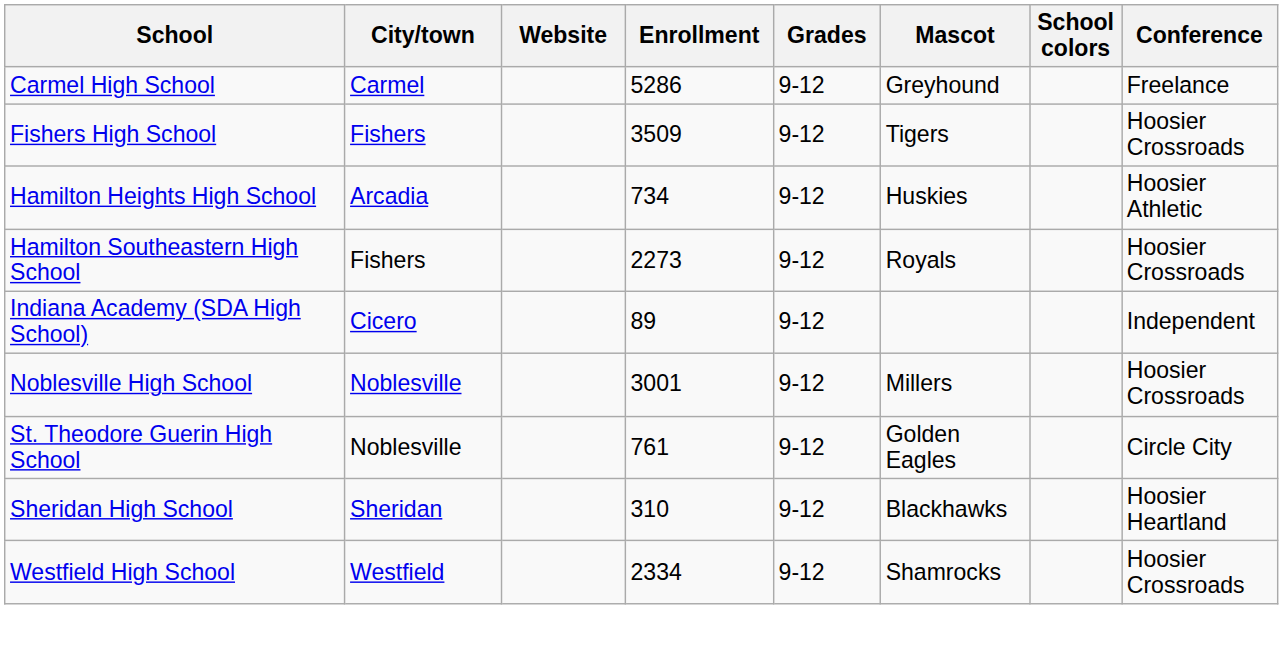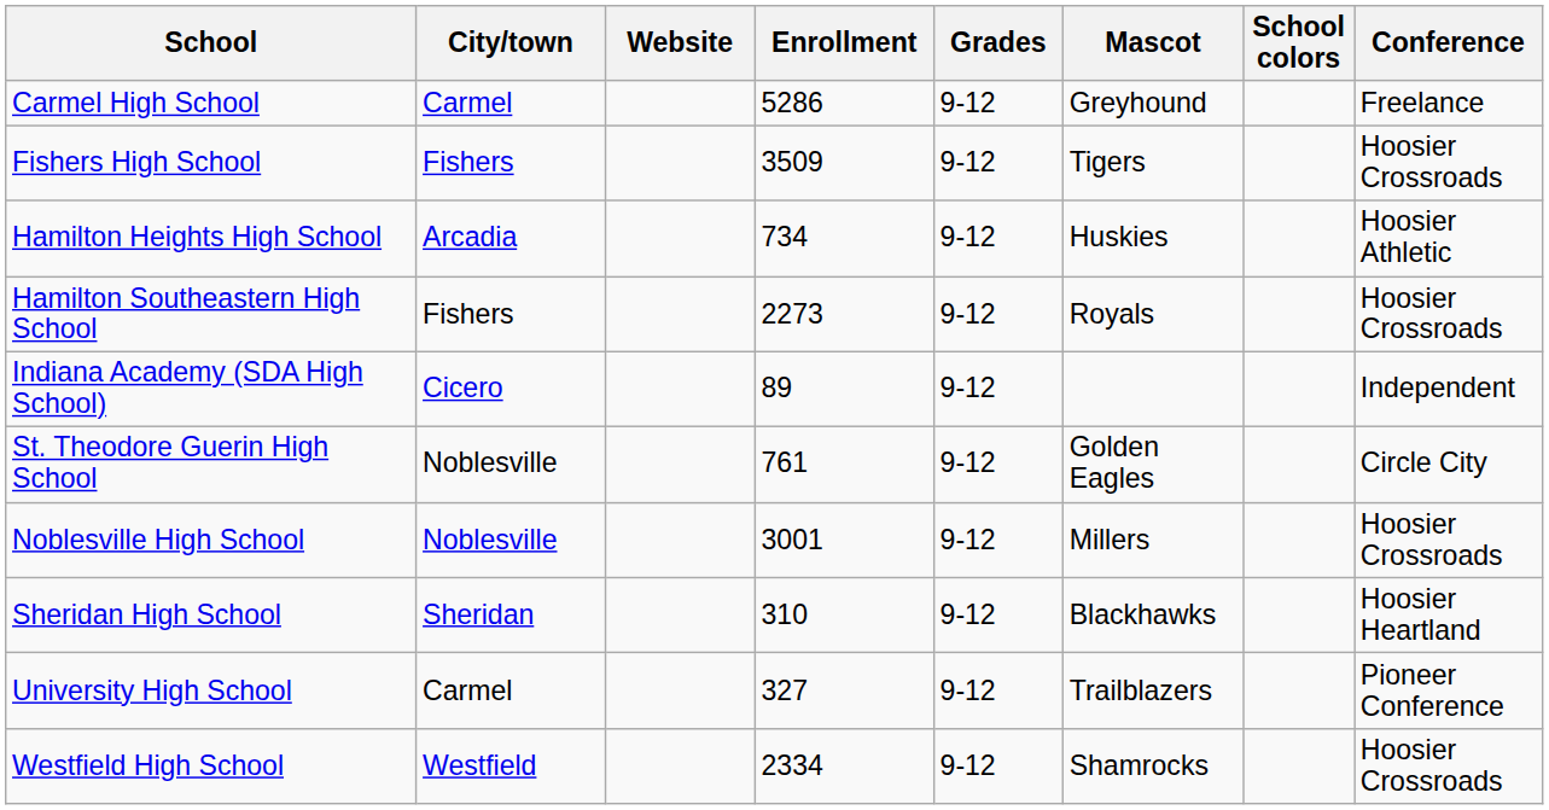 <table class="wikitable sortable" width="70%">
 <tr>
 <th width="20%">School</th>
 <th width="08%">City/town</th>
 <th width="06%">Website</th>
 <th width="04%">Enrollment</th>
 <th width="04%">Grades</th>
 <th width="04%">Mascot</th>
 <th width=01%>School colors</th>
 <th width="04%">Conference</th>
 </tr>
 <tr>
 <td><a href='#'>Carmel High School</a></td>
 <td><a href='#'>Carmel</a></td>
 <td></td>
 <td>5286</td>
 <td>9-12</td>
 <td>Greyhound</td>
 <td> </td>
 <td>Freelance</td>
 </tr>
 <tr>
 <td><a href='#'>Fishers High School</a></td>
 <td><a href='#'>Fishers</a></td>
 <td></td>
 <td>3509</td>
 <td>9-12</td>
 <td>Tigers</td>
 <td>  </td>
 <td>Hoosier Crossroads</td>
 </tr>
 <tr>
 <td><a href='#'>Hamilton Heights High School</a></td>
 <td><a href='#'>Arcadia</a></td>
 <td></td>
 <td>734</td>
 <td>9-12</td>
 <td>Huskies</td>
 <td> </td>
 <td>Hoosier Athletic</td>
 </tr>
 <tr>
 <td><a href='#'>Hamilton Southeastern High School</a></td>
 <td>Fishers</td>
 <td></td>
 <td>2273</td>
 <td>9-12</td>
 <td>Royals</td>
 <td>  </td>
 <td>Hoosier Crossroads</td>
 </tr>
 <tr>
 <td><a href='#'>Indiana Academy (SDA High School)</a></td>
 <td><a href='#'>Cicero</a></td>
 <td></td>
 <td>89</td>
 <td>9-12</td>
 <td></td>
 <td></td>
 <td>Independent</td>
 </tr>
 <tr>
+<td><a href='#'>St. Theodore Guerin High School</a></td>
+<td>Noblesville</td>
+<td></td>
+<td>761</td>
+<td>9-12</td>
+<td>Golden Eagles</td>
+<td> </td>
+<td>Circle City</td>
+</tr>
+<tr>
 <td><a href='#'>Noblesville High School</a></td>
 <td><a href='#'>Noblesville</a></td>
 <td></td>
 <td>3001</td>
 <td>9-12</td>
 <td>Millers</td>
 <td> </td>
 <td>Hoosier Crossroads</td>
-</tr>
-<tr>
-<td><a href='#'>St. Theodore Guerin High School</a></td>
-<td>Noblesville</td>
-<td></td>
-<td>761</td>
-<td>9-12</td>
-<td>Golden Eagles</td>
-<td> </td>
-<td>Circle City</td>
 </tr>
 <tr>
 <td><a href='#'>Sheridan High School</a></td>
 <td><a href='#'>Sheridan</a></td>
 <td></td>
 <td>310</td>
 <td>9-12</td>
 <td>Blackhawks</td>
 <td>  </td>
 <td>Hoosier Heartland</td>
 </tr>
 <tr>
+<td><a href='#'>University High School</a></td>
+<td>Carmel</td>
+<td></td>
+<td>327</td>
+<td>9-12</td>
+<td>Trailblazers</td>
+<td> </td>
+<td>Pioneer Conference</td>
+</tr>
+<tr>
 <td><a href='#'>Westfield High School</a></td>
 <td><a href='#'>Westfield</a></td>
 <td></td>
 <td>2334</td>
 <td>9-12</td>
 <td>Shamrocks</td>
 <td>  </td>
 <td>Hoosier Crossroads</td>
 </tr>
 </table>
